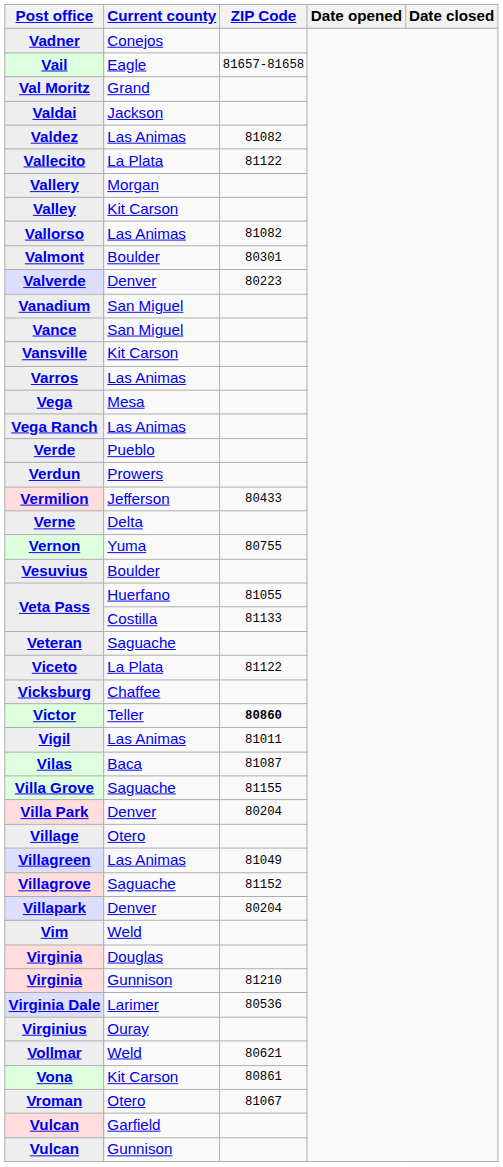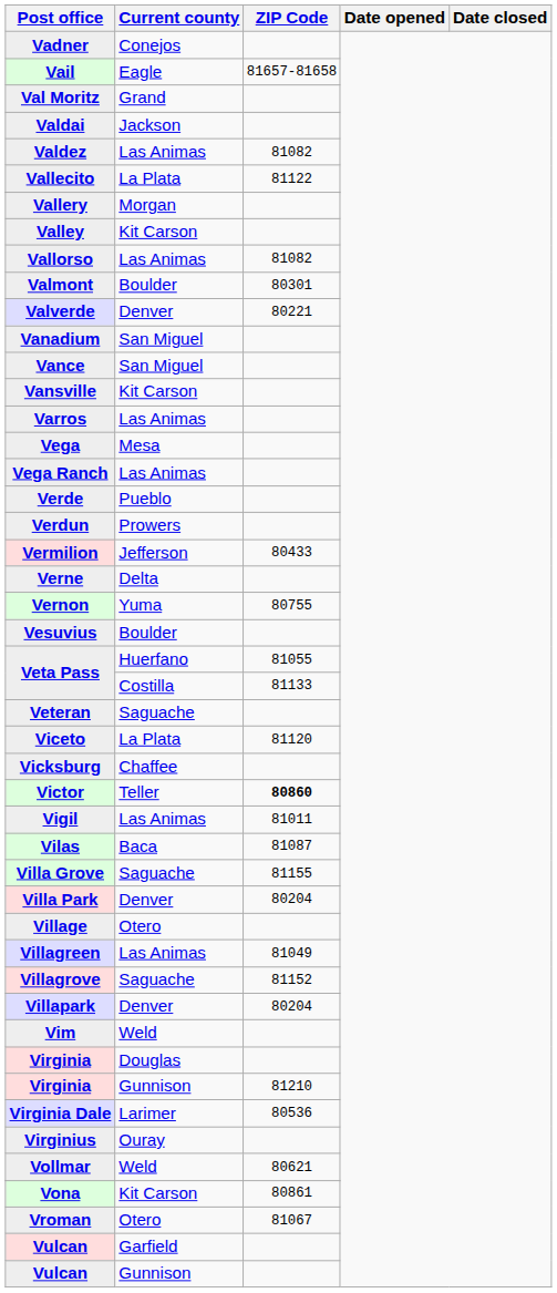 <table class="wikitable sortable  plainrowheaders" style="margin:auto;">
 <tr>
 <th scope=col><a href='#'>Post office</a></th>
 <th scope=col><a href='#'>Current county</a></th>
 <th scope=col><a href='#'>ZIP Code</a></th>
 <th scope=col>Date opened</th>
 <th scope=col>Date closed</th>
 </tr>
 <tr>
 <th scope=row rowspan=1 style="background-color:#EEEEEE;"><a href='#'>Vadner</a></th>
 <td rowspan=1><a href='#'>Conejos</a></td>
 <td rowspan=1 align=center style="font-family:monospace;"><br> </td>
 </tr>
 <tr>
 <th scope=row rowspan=1 style="background-color:#DDFFDD;"><a href='#'>Vail</a></th>
 <td rowspan=1><a href='#'>Eagle</a></td>
 <td rowspan=1 align=center style="font-family:monospace;">81657-81658<br> </td>
 </tr>
 <tr>
 <th scope=row rowspan=1 style="background-color:#EEEEEE;"><a href='#'>Val Moritz</a></th>
 <td rowspan=1><a href='#'>Grand</a></td>
 <td rowspan=1 align=center style="font-family:monospace;"><br> </td>
 </tr>
 <tr>
 <th scope=row rowspan=1 style="background-color:#EEEEEE;"><a href='#'>Valdai</a></th>
 <td rowspan=1><a href='#'>Jackson</a></td>
 <td rowspan=1 align=center style="font-family:monospace;"><br> </td>
 </tr>
 <tr>
 <th scope=row rowspan=1 style="background-color:#EEEEEE;"><a href='#'>Valdez</a></th>
 <td rowspan=1><a href='#'>Las Animas</a></td>
 <td rowspan=1 align=center style="font-family:monospace;">81082<br> </td>
 </tr>
 <tr>
 <th scope=row rowspan=2 style="background-color:#EEEEEE;"><a href='#'>Vallecito</a></th>
 <td rowspan=2><a href='#'>La Plata</a></td>
 <td rowspan=2 align=center style="font-family:monospace;">81122<br> </td>
 </tr>
 <tr>
 </tr>
 <tr>
 <th scope=row rowspan=2 style="background-color:#EEEEEE;"><a href='#'>Vallery</a></th>
 <td rowspan=2><a href='#'>Morgan</a></td>
 <td rowspan=2 align=center style="font-family:monospace;"><br> </td>
 </tr>
 <tr>
 </tr>
 <tr>
 <th scope=row rowspan=1 style="background-color:#EEEEEE;"><a href='#'>Valley</a></th>
 <td rowspan=1><a href='#'>Kit Carson</a></td>
 <td rowspan=1 align=center style="font-family:monospace;"><br> </td>
 </tr>
 <tr>
 <th scope=row rowspan=1 style="background-color:#EEEEEE;"><a href='#'>Vallorso</a></th>
 <td rowspan=1><a href='#'>Las Animas</a></td>
 <td rowspan=1 align=center style="font-family:monospace;">81082<br> </td>
 </tr>
 <tr>
 <th scope=row rowspan=1 style="background-color:#EEEEEE;"><a href='#'>Valmont</a></th>
 <td rowspan=1><a href='#'>Boulder</a></td>
 <td rowspan=1 align=center style="font-family:monospace;">80301<br> </td>
 </tr>
 <tr>
 <th scope=row rowspan=1 style="background-color:#DDDDFF;"><a href='#'>Valverde</a></th>
 <td rowspan=1><a href='#'>Denver</a></td>
-<td rowspan=1 align=center style="font-family:monospace;">80223<br> </td>
+<td rowspan=1 align=center style="font-family:monospace;">80221<br> </td>
 </tr>
 <tr>
 <th scope=row rowspan=1 style="background-color:#EEEEEE;"><a href='#'>Vanadium</a></th>
 <td rowspan=1><a href='#'>San Miguel</a></td>
 <td rowspan=1 align=center style="font-family:monospace;"><br> </td>
 </tr>
 <tr>
 <th scope=row rowspan=1 style="background-color:#EEEEEE;"><a href='#'>Vance</a></th>
 <td rowspan=1><a href='#'>San Miguel</a></td>
 <td rowspan=1 align=center style="font-family:monospace;"><br> </td>
 </tr>
 <tr>
 <th scope=row rowspan=1 style="background-color:#EEEEEE;"><a href='#'>Vansville</a></th>
 <td rowspan=1><a href='#'>Kit Carson</a></td>
 <td rowspan=1 align=center style="font-family:monospace;"><br> </td>
 </tr>
 <tr>
 <th scope=row rowspan=1 style="background-color:#EEEEEE;"><a href='#'>Varros</a></th>
 <td rowspan=1><a href='#'>Las Animas</a></td>
 <td rowspan=1 align=center style="font-family:monospace;"><br> </td>
 </tr>
 <tr>
 <th scope=row rowspan=1 style="background-color:#EEEEEE;"><a href='#'>Vega</a></th>
 <td rowspan=1><a href='#'>Mesa</a></td>
 <td rowspan=1 align=center style="font-family:monospace;"><br> </td>
 </tr>
 <tr>
 <th scope=row rowspan=1 style="background-color:#EEEEEE;"><a href='#'>Vega Ranch</a></th>
 <td rowspan=1><a href='#'>Las Animas</a></td>
 <td rowspan=1 align=center style="font-family:monospace;"><br> </td>
 </tr>
 <tr>
 <th scope=row rowspan=1 style="background-color:#EEEEEE;"><a href='#'>Verde</a></th>
 <td rowspan=1><a href='#'>Pueblo</a></td>
 <td rowspan=1 align=center style="font-family:monospace;"><br> </td>
 </tr>
 <tr>
 <th scope=row rowspan=1 style="background-color:#EEEEEE;"><a href='#'>Verdun</a></th>
 <td rowspan=1><a href='#'>Prowers</a></td>
 <td rowspan=1 align=center style="font-family:monospace;"><br> </td>
 </tr>
 <tr>
 <th scope=row rowspan=1 style="background-color:#FFDDDD;"><a href='#'>Vermilion</a></th>
 <td rowspan=1><a href='#'>Jefferson</a></td>
 <td rowspan=1 align=center style="font-family:monospace;">80433<br> </td>
 </tr>
 <tr>
 <th scope=row rowspan=1 style="background-color:#EEEEEE;"><a href='#'>Verne</a></th>
 <td rowspan=1><a href='#'>Delta</a></td>
 <td rowspan=1 align=center style="font-family:monospace;"><br> </td>
 </tr>
 <tr>
 <th scope=row rowspan=1 style="background-color:#DDFFDD;"><a href='#'>Vernon</a></th>
 <td rowspan=1><a href='#'>Yuma</a></td>
 <td rowspan=1 align=center style="font-family:monospace;">80755<br> </td>
 </tr>
 <tr>
 <th scope=row rowspan=1 style="background-color:#EEEEEE;"><a href='#'>Vesuvius</a></th>
 <td rowspan=1><a href='#'>Boulder</a></td>
 <td rowspan=1 align=center style="font-family:monospace;"><br> </td>
 </tr>
 <tr>
 <th scope=row rowspan=2 style="background-color:#EEEEEE;"><a href='#'>Veta Pass</a></th>
 <td rowspan=1><a href='#'>Huerfano</a></td>
 <td rowspan=1 align=center style="font-family:monospace;">81055<br> </td>
 </tr>
 <tr>
 <td rowspan=1><a href='#'>Costilla</a></td>
 <td rowspan=1 align=center style="font-family:monospace;">81133<br> </td>
 </tr>
 <tr>
 <th scope=row rowspan=1 style="background-color:#EEEEEE;"><a href='#'>Veteran</a></th>
 <td rowspan=1><a href='#'>Saguache</a></td>
 <td rowspan=1 align=center style="font-family:monospace;"><br> </td>
 </tr>
 <tr>
 <th scope=row rowspan=1 style="background-color:#EEEEEE;"><a href='#'>Viceto</a></th>
 <td rowspan=1><a href='#'>La Plata</a></td>
-<td rowspan=1 align=center style="font-family:monospace;">81122<br> </td>
+<td rowspan=1 align=center style="font-family:monospace;">81120<br> </td>
 </tr>
 <tr>
 <th scope=row rowspan=1 style="background-color:#EEEEEE;"><a href='#'>Vicksburg</a></th>
 <td rowspan=1><a href='#'>Chaffee</a></td>
 <td rowspan=1 align=center style="font-family:monospace;"><br> </td>
 </tr>
 <tr>
 <th scope=row rowspan=1 style="background-color:#DDFFDD;"><a href='#'>Victor</a></th>
 <td rowspan=1><a href='#'>Teller</a></td>
 <td rowspan=1 align=center style="font-family:monospace;"><strong>80860<br> </strong></td>
 </tr>
 <tr>
 <th scope=row rowspan=1 style="background-color:#EEEEEE;"><a href='#'>Vigil</a></th>
 <td rowspan=1><a href='#'>Las Animas</a></td>
 <td rowspan=1 align=center style="font-family:monospace;">81011<br> </td>
 </tr>
 <tr>
 <th scope=row rowspan=1 style="background-color:#DDFFDD;"><a href='#'>Vilas</a></th>
 <td rowspan=1><a href='#'>Baca</a></td>
 <td rowspan=1 align=center style="font-family:monospace;">81087<br> </td>
 </tr>
 <tr>
 <th scope=row rowspan=2 style="background-color:#DDFFDD;"><a href='#'>Villa Grove</a></th>
 <td rowspan=2><a href='#'>Saguache</a></td>
 <td rowspan=2 align=center style="font-family:monospace;">81155<br> </td>
 </tr>
 <tr>
 </tr>
 <tr>
 <th scope=row rowspan=1 style="background-color:#FFDDDD;"><a href='#'>Villa Park</a></th>
 <td rowspan=1><a href='#'>Denver</a></td>
 <td rowspan=1 align=center style="font-family:monospace;">80204<br> </td>
 </tr>
 <tr>
 <th scope=row rowspan=1 style="background-color:#EEEEEE;"><a href='#'>Village</a></th>
 <td rowspan=1><a href='#'>Otero</a></td>
 <td rowspan=1 align=center style="font-family:monospace;"><br> </td>
 </tr>
 <tr>
 <th scope=row rowspan=1 style="background-color:#DDDDFF;"><a href='#'>Villagreen</a></th>
 <td rowspan=1><a href='#'>Las Animas</a></td>
 <td rowspan=1 align=center style="font-family:monospace;">81049<br> </td>
 </tr>
 <tr>
 <th scope=row rowspan=1 style="background-color:#FFDDDD;"><a href='#'>Villagrove</a></th>
 <td rowspan=1><a href='#'>Saguache</a></td>
 <td rowspan=1 align=center style="font-family:monospace;">81152<br> </td>
 </tr>
 <tr>
 <th scope=row rowspan=1 style="background-color:#DDDDFF;"><a href='#'>Villapark</a></th>
 <td rowspan=1><a href='#'>Denver</a></td>
 <td rowspan=1 align=center style="font-family:monospace;">80204<br> </td>
 </tr>
 <tr>
 <th scope=row rowspan=1 style="background-color:#EEEEEE;"><a href='#'>Vim</a></th>
 <td rowspan=1><a href='#'>Weld</a></td>
 <td rowspan=1 align=center style="font-family:monospace;"><br> </td>
 </tr>
 <tr>
 <th scope=row rowspan=1 style="background-color:#FFDDDD;"><a href='#'>Virginia</a></th>
 <td rowspan=1><a href='#'>Douglas</a></td>
 <td rowspan=1 align=center style="font-family:monospace;"><br> </td>
 </tr>
 <tr>
 <th scope=row rowspan=1 style="background-color:#FFDDDD;"><a href='#'>Virginia</a></th>
 <td rowspan=1><a href='#'>Gunnison</a></td>
 <td rowspan=1 align=center style="font-family:monospace;">81210<br> </td>
 </tr>
 <tr>
 <th scope=row rowspan=2 style="background-color:#DDDDFF;"><a href='#'>Virginia Dale</a></th>
 <td rowspan=2><a href='#'>Larimer</a></td>
 <td rowspan=2 align=center style="font-family:monospace;">80536<br> </td>
 </tr>
 <tr>
 </tr>
 <tr>
 <th scope=row rowspan=1 style="background-color:#EEEEEE;"><a href='#'>Virginius</a></th>
 <td rowspan=1><a href='#'>Ouray</a></td>
 <td rowspan=1 align=center style="font-family:monospace;"><br> </td>
 </tr>
 <tr>
 <th scope=row rowspan=1 style="background-color:#EEEEEE;"><a href='#'>Vollmar</a></th>
 <td rowspan=1><a href='#'>Weld</a></td>
 <td rowspan=1 align=center style="font-family:monospace;">80621<br> </td>
 </tr>
 <tr>
 <th scope=row rowspan=3 style="background-color:#DDFFDD;"><a href='#'>Vona</a></th>
 <td rowspan=3><a href='#'>Kit Carson</a></td>
 <td rowspan=3 align=center style="font-family:monospace;">80861<br> </td>
 </tr>
 <tr>
 </tr>
 <tr>
 </tr>
 <tr>
 <th scope=row rowspan=1 style="background-color:#EEEEEE;"><a href='#'>Vroman</a></th>
 <td rowspan=1><a href='#'>Otero</a></td>
 <td rowspan=1 align=center style="font-family:monospace;">81067<br> </td>
 </tr>
 <tr>
 <th scope=row rowspan=1 style="background-color:#FFDDDD;"><a href='#'>Vulcan</a></th>
 <td rowspan=1><a href='#'>Garfield</a></td>
 <td rowspan=1 align=center style="font-family:monospace;"><br> </td>
 </tr>
 <tr>
 <th scope=row rowspan=1 style="background-color:#EEEEEE;"><a href='#'>Vulcan</a></th>
 <td rowspan=1><a href='#'>Gunnison</a></td>
 <td rowspan=1 align=center style="font-family:monospace;"><br> </td>
 </tr>
 </table>
